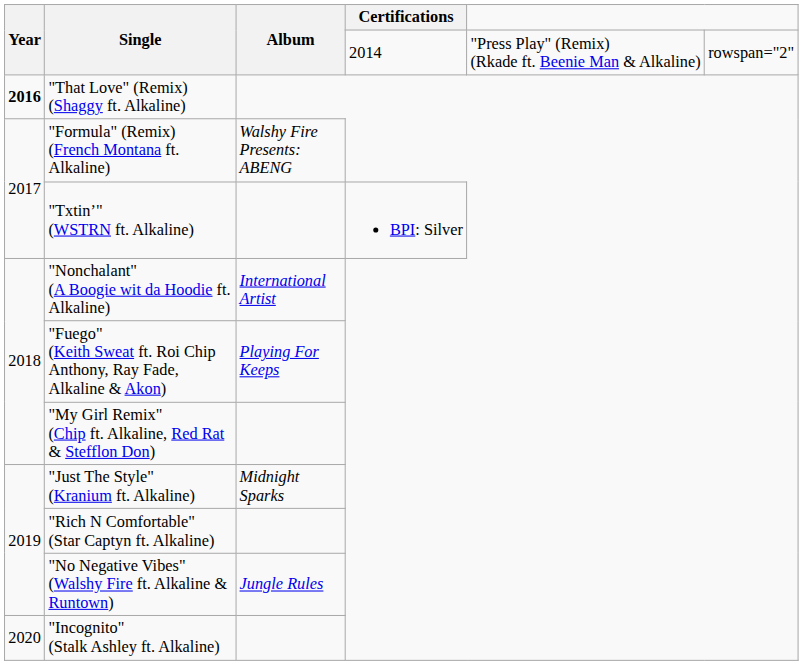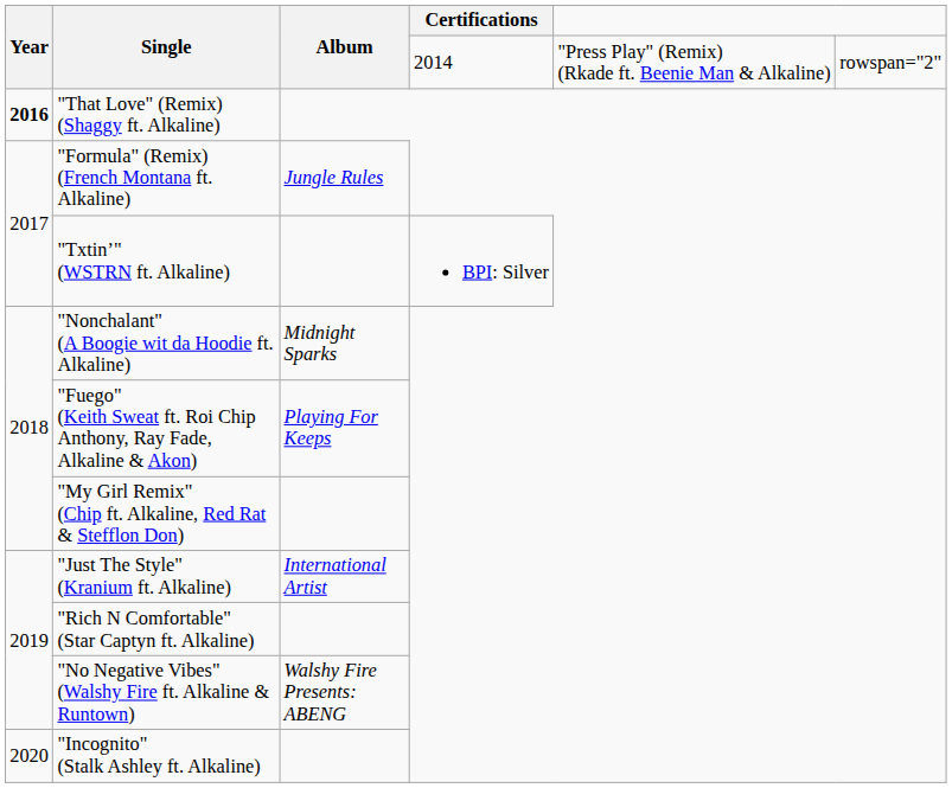 <table class="wikitable sortable">
 <tr>
 <th rowspan="2" align="center" width="10">Year</th>
 <th rowspan="2" align="center" width="180">Single</th>
 <th rowspan="2" align="center" width="100">Album</th>
 <th><strong>Certifications</strong></th>
 </tr>
 <tr>
 <td>2014</td>
 <td>"Press Play" (Remix)<br>(Rkade ft. <a href='#'>Beenie Man</a> & Alkaline)</td>
 <td>rowspan="2" </td>
 </tr>
 <tr>
 <td><strong>2016</strong></td>
 <td>"That Love" (Remix)<br><span>(<a href='#'>Shaggy</a> ft. Alkaline)</span></td>
 </tr>
 <tr>
 <td rowspan="2" align="center">2017</td>
 <td>"Formula" (Remix)<br><span>(<a href='#'>French Montana</a> ft. Alkaline)</span></td>
-<td><em>Walshy Fire Presents: ABENG</em></td>
+<td><em><a href='#'>Jungle Rules</a></em></td>
 </tr>
 <tr>
 <td>"Txtin’" <br><span>(<a href='#'>WSTRN</a> ft. Alkaline)</span></td>
 <td></td>
 <td><br><ul><li><a href='#'>BPI</a>: Silver</li></ul></td>
 </tr>
 <tr>
 <td rowspan="3" align="center">2018</td>
 <td>"Nonchalant" <br><span>(<a href='#'>A Boogie wit da Hoodie</a> ft. Alkaline)</span></td>
-<td><em><a href='#'>International Artist</a></em></td>
+<td><em>Midnight Sparks</em></td>
 </tr>
 <tr>
 <td>"Fuego" <br><span>(<a href='#'>Keith Sweat</a> ft. Roi Chip Anthony, Ray Fade, Alkaline & <a href='#'>Akon</a>)</span></td>
 <td><em><a href='#'>Playing For Keeps</a></em></td>
 </tr>
 <tr>
 <td>"My Girl Remix" <br><span>(<a href='#'>Chip</a> ft.  Alkaline, <a href='#'>Red Rat</a> & <a href='#'>Stefflon Don</a>)</span></td>
 <td></td>
 </tr>
 <tr>
 <td rowspan="3">2019</td>
 <td>"Just The Style"<br><span>(<a href='#'>Kranium</a> ft. Alkaline)</span></td>
-<td><em>Midnight Sparks</em></td>
+<td><em><a href='#'>International Artist</a></em></td>
 </tr>
 <tr>
 <td>"Rich N Comfortable"<br>(Star Captyn ft. Alkaline)</td>
 <td></td>
 </tr>
 <tr>
 <td>"No Negative Vibes"<br><span>(<a href='#'>Walshy Fire</a> ft. Alkaline & <a href='#'>Runtown</a>)</span></td>
-<td><em><a href='#'>Jungle Rules</a></em></td>
+<td><em>Walshy Fire Presents: ABENG</em></td>
 </tr>
 <tr>
 <td>2020</td>
 <td>"Incognito"<br><span>(Stalk Ashley ft. Alkaline)</span></td>
 <td></td>
 </tr>
 </table>
